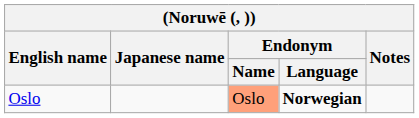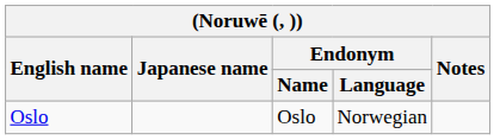 <table class="wikitable sortable">
 <tr>
 <th colspan="5"> (Noruwē (, ))</th>
 </tr>
 <tr>
 <th rowspan="2">English name</th>
 <th rowspan="2">Japanese name</th>
 <th colspan="2">Endonym</th>
 <th rowspan="2">Notes</th>
 </tr>
 <tr>
 <th>Name</th>
 <th>Language</th>
 </tr>
 <tr>
 <td><a href='#'>Oslo</a></td>
 <td></td>
-<td style="background: lightsalmon;">Oslo</td>
-<td><strong>Norwegian</strong></td>
+<td>Oslo</td>
+<td>Norwegian</td>
 <td></td>
 </tr>
 </table>
